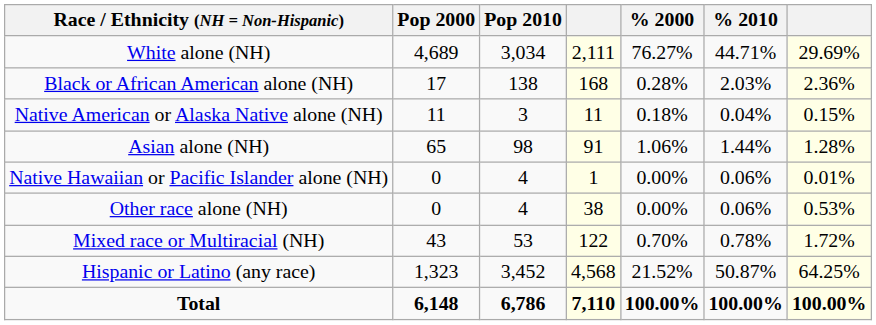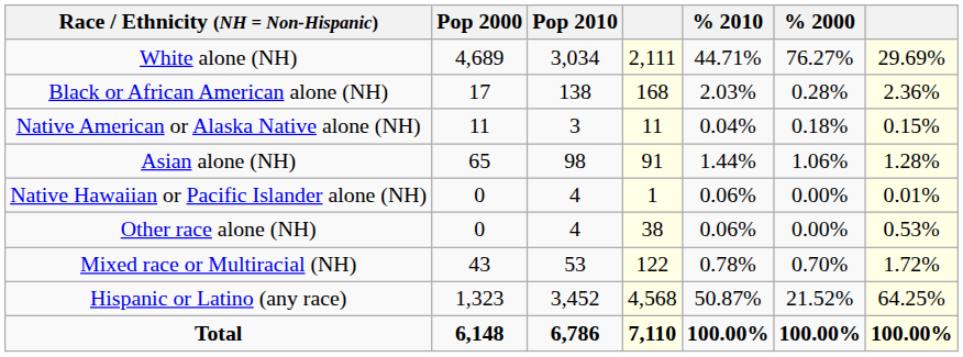 <table class="wikitable" style="text-align:center;">
 <tr>
 <th>Race / Ethnicity <small>(<em>NH = Non-Hispanic</em>)</small></th>
 <th>Pop 2000</th>
 <th>Pop 2010</th>
 <th></th>
+<th>% 2010</th>
 <th>% 2000</th>
-<th>% 2010</th>
 <th></th>
 </tr>
 <tr>
 <td><a href='#'>White</a> alone (NH)</td>
 <td>4,689</td>
 <td>3,034</td>
 <td style='background: #ffffe6;'>2,111</td>
+<td>44.71%</td>
 <td>76.27%</td>
-<td>44.71%</td>
 <td style='background: #ffffe6;'>29.69%</td>
 </tr>
 <tr>
 <td><a href='#'>Black or African American</a> alone (NH)</td>
 <td>17</td>
 <td>138</td>
 <td style='background: #ffffe6;'>168</td>
+<td>2.03%</td>
 <td>0.28%</td>
-<td>2.03%</td>
 <td style='background: #ffffe6;'>2.36%</td>
 </tr>
 <tr>
 <td><a href='#'>Native American</a> or <a href='#'>Alaska Native</a> alone (NH)</td>
 <td>11</td>
 <td>3</td>
 <td style='background: #ffffe6;'>11</td>
+<td>0.04%</td>
 <td>0.18%</td>
-<td>0.04%</td>
 <td style='background: #ffffe6;'>0.15%</td>
 </tr>
 <tr>
 <td><a href='#'>Asian</a> alone (NH)</td>
 <td>65</td>
 <td>98</td>
 <td style='background: #ffffe6;'>91</td>
+<td>1.44%</td>
 <td>1.06%</td>
-<td>1.44%</td>
 <td style='background: #ffffe6;'>1.28%</td>
 </tr>
 <tr>
 <td><a href='#'>Native Hawaiian</a> or <a href='#'>Pacific Islander</a> alone (NH)</td>
 <td>0</td>
 <td>4</td>
 <td style='background: #ffffe6;'>1</td>
+<td>0.06%</td>
 <td>0.00%</td>
-<td>0.06%</td>
 <td style='background: #ffffe6;'>0.01%</td>
 </tr>
 <tr>
 <td><a href='#'>Other race</a> alone (NH)</td>
 <td>0</td>
 <td>4</td>
 <td style='background: #ffffe6;'>38</td>
+<td>0.06%</td>
 <td>0.00%</td>
-<td>0.06%</td>
 <td style='background: #ffffe6;'>0.53%</td>
 </tr>
 <tr>
 <td><a href='#'>Mixed race or Multiracial</a> (NH)</td>
 <td>43</td>
 <td>53</td>
 <td style='background: #ffffe6;'>122</td>
+<td>0.78%</td>
 <td>0.70%</td>
-<td>0.78%</td>
 <td style='background: #ffffe6;'>1.72%</td>
 </tr>
 <tr>
 <td><a href='#'>Hispanic or Latino</a> (any race)</td>
 <td>1,323</td>
 <td>3,452</td>
 <td style='background: #ffffe6;'>4,568</td>
+<td>50.87%</td>
 <td>21.52%</td>
-<td>50.87%</td>
 <td style='background: #ffffe6;'>64.25%</td>
 </tr>
 <tr>
 <td><strong>Total</strong></td>
 <td><strong>6,148</strong></td>
 <td><strong>6,786</strong></td>
 <td style='background: #ffffe6;'><strong>7,110</strong></td>
 <td><strong>100.00%</strong></td>
 <td><strong>100.00%</strong></td>
 <td style='background: #ffffe6;'><strong>100.00%</strong></td>
 </tr>
 </table>
